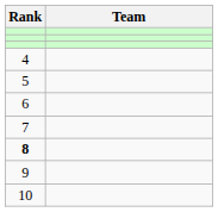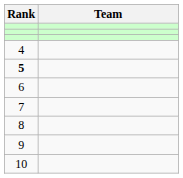 <table class=wikitable style="text-align:center;">
 <tr>
 <th>Rank</th>
 <th width=180>Team</th>
 </tr>
 <tr bgcolor=#CCFFCC>
 <td></td>
 <td align=left></td>
 </tr>
 <tr bgcolor=#CCFFCC>
 <td></td>
 <td align=left></td>
 </tr>
 <tr bgcolor=#CCFFCC>
 <td></td>
 <td align=left></td>
 </tr>
 <tr>
 <td>4</td>
 <td align=left></td>
 </tr>
 <tr>
-<td>5</td>
+<td><strong>5</strong></td>
 <td align=left></td>
 </tr>
 <tr>
 <td>6</td>
 <td align=left></td>
 </tr>
 <tr>
 <td>7</td>
 <td align=left></td>
 </tr>
 <tr>
-<td><strong>8</strong></td>
+<td>8</td>
 <td align=left></td>
 </tr>
 <tr>
 <td>9</td>
 <td align=left></td>
 </tr>
 <tr>
 <td>10</td>
 <td align=left></td>
 </tr>
 </table>
